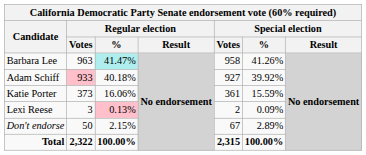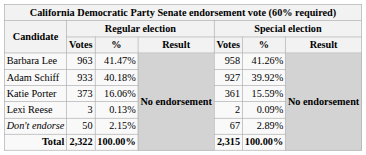 <table class="wikitable">
 <tr>
 <th colspan="8">California Democratic Party Senate endorsement vote (60% required)</th>
 </tr>
 <tr>
 <th rowspan="2">Candidate</th>
 <th colspan="4">Regular election</th>
 <th colspan="4">Special election</th>
 </tr>
 <tr>
 <th>Votes</th>
 <th>%</th>
 <th colspan="2">Result</th>
 <th>Votes</th>
 <th>%</th>
 <th colspan="2">Result</th>
 </tr>
 <tr>
 <td>Barbara Lee</td>
 <td align="right">963</td>
-<td align="right" style="background: paleturquoise;">41.47%</td>
+<td align="right">41.47%</td>
 <td rowspan = "6" colspan="2" bgcolor=lightgray align=center><strong>No endorsement</strong></td>
 <td align="right">958</td>
 <td align="right">41.26%</td>
 <td rowspan = "6" colspan="2" bgcolor=lightgray align=center><strong>No endorsement</strong></td>
 </tr>
 <tr>
 <td>Adam Schiff</td>
-<td align="right" style="background: pink;">933</td>
+<td align="right">933</td>
 <td align="right">40.18%</td>
 <td align="right">927</td>
 <td align="right">39.92%</td>
 </tr>
 <tr>
 <td>Katie Porter</td>
 <td align="right">373</td>
 <td align="right">16.06%</td>
 <td align="right">361</td>
 <td align="right">15.59%</td>
 </tr>
 <tr>
 <td>Lexi Reese</td>
 <td align="right">3</td>
-<td align="right" style="background: pink;">0.13%</td>
+<td align="right">0.13%</td>
 <td align="right">2</td>
 <td align="right">0.09%</td>
 </tr>
 <tr>
 <td><em>Don't endorse</em></td>
 <td align="right">50</td>
 <td align="right">2.15%</td>
 <td align="right">67</td>
 <td align="right">2.89%</td>
 </tr>
 <tr align="right">
 <td><strong>Total</strong></td>
 <td><strong>2,322</strong></td>
 <td><strong>100.00%</strong></td>
 <td><strong>2,315</strong></td>
 <td><strong>100.00%</strong></td>
 </tr>
 </table>
